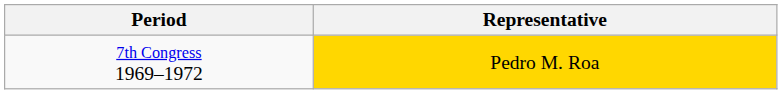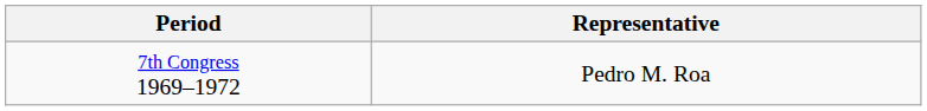 <table class="wikitable" style="text-align:center; width:40%;">
 <tr>
 <th width="40%">Period</th>
 <th>Representative</th>
 </tr>
 <tr>
 <td><small><a href='#'>7th Congress</a></small><br>1969–1972</td>
-<td style="background: gold;">Pedro M. Roa</td>
+<td>Pedro M. Roa</td>
 </tr>
 </table>
